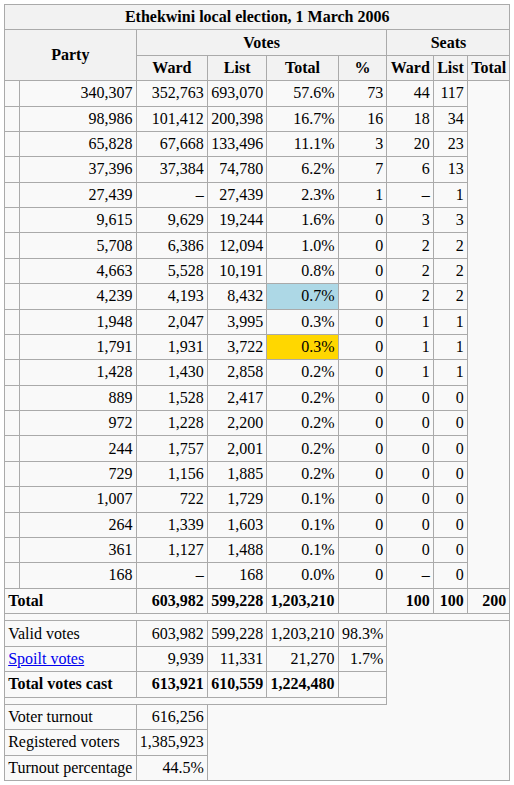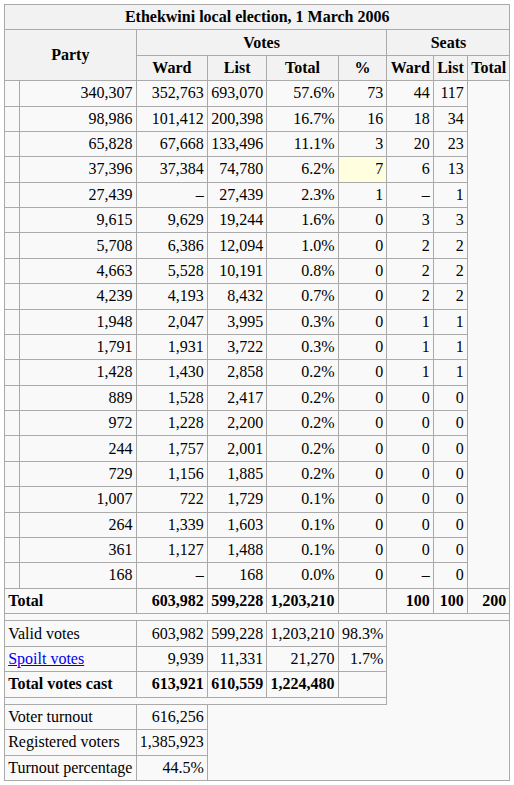 <table class=wikitable style="text-align:right">
 <tr>
 <th colspan="9" align="center">Ethekwini local election, 1 March 2006</th>
 </tr>
 <tr>
 <th rowspan="2" colspan="2">Party</th>
 <th colspan="4" align="center">Votes</th>
 <th colspan="3" align="center">Seats</th>
 </tr>
 <tr>
 <th>Ward</th>
 <th>List</th>
 <th>Total</th>
 <th>%</th>
 <th>Ward</th>
 <th>List</th>
 <th>Total</th>
 </tr>
 <tr>
 <td></td>
 <td>340,307</td>
 <td>352,763</td>
 <td>693,070</td>
 <td>57.6%</td>
 <td>73</td>
 <td>44</td>
 <td>117</td>
 </tr>
 <tr>
 <td></td>
 <td>98,986</td>
 <td>101,412</td>
 <td>200,398</td>
 <td>16.7%</td>
 <td>16</td>
 <td>18</td>
 <td>34</td>
 </tr>
 <tr>
 <td></td>
 <td>65,828</td>
 <td>67,668</td>
 <td>133,496</td>
 <td>11.1%</td>
 <td>3</td>
 <td>20</td>
 <td>23</td>
 </tr>
 <tr>
 <td></td>
 <td>37,396</td>
 <td>37,384</td>
 <td>74,780</td>
 <td>6.2%</td>
-<td>7</td>
+<td style="background: lightyellow;">7</td>
 <td>6</td>
 <td>13</td>
 </tr>
 <tr>
 <td></td>
 <td>27,439</td>
 <td>–</td>
 <td>27,439</td>
 <td>2.3%</td>
 <td>1</td>
 <td>–</td>
 <td>1</td>
 </tr>
 <tr>
 <td></td>
 <td>9,615</td>
 <td>9,629</td>
 <td>19,244</td>
 <td>1.6%</td>
 <td>0</td>
 <td>3</td>
 <td>3</td>
 </tr>
 <tr>
 <td></td>
 <td>5,708</td>
 <td>6,386</td>
 <td>12,094</td>
 <td>1.0%</td>
 <td>0</td>
 <td>2</td>
 <td>2</td>
 </tr>
 <tr>
 <td></td>
 <td>4,663</td>
 <td>5,528</td>
 <td>10,191</td>
 <td>0.8%</td>
 <td>0</td>
 <td>2</td>
 <td>2</td>
 </tr>
 <tr>
 <td></td>
 <td>4,239</td>
 <td>4,193</td>
 <td>8,432</td>
-<td style="background: lightblue;">0.7%</td>
+<td>0.7%</td>
 <td>0</td>
 <td>2</td>
 <td>2</td>
 </tr>
 <tr>
 <td></td>
 <td>1,948</td>
 <td>2,047</td>
 <td>3,995</td>
 <td>0.3%</td>
 <td>0</td>
 <td>1</td>
 <td>1</td>
 </tr>
 <tr>
 <td></td>
 <td>1,791</td>
 <td>1,931</td>
 <td>3,722</td>
-<td style="background: gold;">0.3%</td>
+<td>0.3%</td>
 <td>0</td>
 <td>1</td>
 <td>1</td>
 </tr>
 <tr>
 <td></td>
 <td>1,428</td>
 <td>1,430</td>
 <td>2,858</td>
 <td>0.2%</td>
 <td>0</td>
 <td>1</td>
 <td>1</td>
 </tr>
 <tr>
 <td></td>
 <td>889</td>
 <td>1,528</td>
 <td>2,417</td>
 <td>0.2%</td>
 <td>0</td>
 <td>0</td>
 <td>0</td>
 </tr>
 <tr>
 <td></td>
 <td>972</td>
 <td>1,228</td>
 <td>2,200</td>
 <td>0.2%</td>
 <td>0</td>
 <td>0</td>
 <td>0</td>
 </tr>
 <tr>
 <td></td>
 <td>244</td>
 <td>1,757</td>
 <td>2,001</td>
 <td>0.2%</td>
 <td>0</td>
 <td>0</td>
 <td>0</td>
 </tr>
 <tr>
 <td></td>
 <td>729</td>
 <td>1,156</td>
 <td>1,885</td>
 <td>0.2%</td>
 <td>0</td>
 <td>0</td>
 <td>0</td>
 </tr>
 <tr>
 <td></td>
 <td>1,007</td>
 <td>722</td>
 <td>1,729</td>
 <td>0.1%</td>
 <td>0</td>
 <td>0</td>
 <td>0</td>
 </tr>
 <tr>
 <td></td>
 <td>264</td>
 <td>1,339</td>
 <td>1,603</td>
 <td>0.1%</td>
 <td>0</td>
 <td>0</td>
 <td>0</td>
 </tr>
 <tr>
 <td></td>
 <td>361</td>
 <td>1,127</td>
 <td>1,488</td>
 <td>0.1%</td>
 <td>0</td>
 <td>0</td>
 <td>0</td>
 </tr>
 <tr>
 <td></td>
 <td>168</td>
 <td>–</td>
 <td>168</td>
 <td>0.0%</td>
 <td>0</td>
 <td>–</td>
 <td>0</td>
 </tr>
 <tr>
 <td colspan="2" style="text-align:left"><strong>Total</strong></td>
 <td><strong>603,982</strong></td>
 <td><strong>599,228</strong></td>
 <td><strong>1,203,210</strong></td>
 <td></td>
 <td><strong>100</strong></td>
 <td><strong>100</strong></td>
 <td><strong>200</strong></td>
 </tr>
 <tr>
 <td colspan="9"></td>
 </tr>
 <tr>
 <td colspan="2" style="text-align:left">Valid votes</td>
 <td>603,982</td>
 <td>599,228</td>
 <td>1,203,210</td>
 <td>98.3%</td>
 </tr>
 <tr>
 <td colspan="2" style="text-align:left"><a href='#'>Spoilt votes</a></td>
 <td>9,939</td>
 <td>11,331</td>
 <td>21,270</td>
 <td>1.7%</td>
 </tr>
 <tr>
 <td colspan="2" style="text-align:left"><strong>Total votes cast</strong></td>
 <td><strong>613,921</strong></td>
 <td><strong>610,559</strong></td>
 <td><strong>1,224,480</strong></td>
 <td></td>
 </tr>
 <tr>
 <td colspan="6"></td>
 </tr>
 <tr>
 <td colspan="2" style="text-align:left">Voter turnout</td>
 <td>616,256</td>
 </tr>
 <tr>
 <td colspan="2" style="text-align:left">Registered voters</td>
 <td>1,385,923</td>
 </tr>
 <tr>
 <td colspan="2" style="text-align:left">Turnout percentage</td>
 <td>44.5%</td>
 </tr>
 </table>
